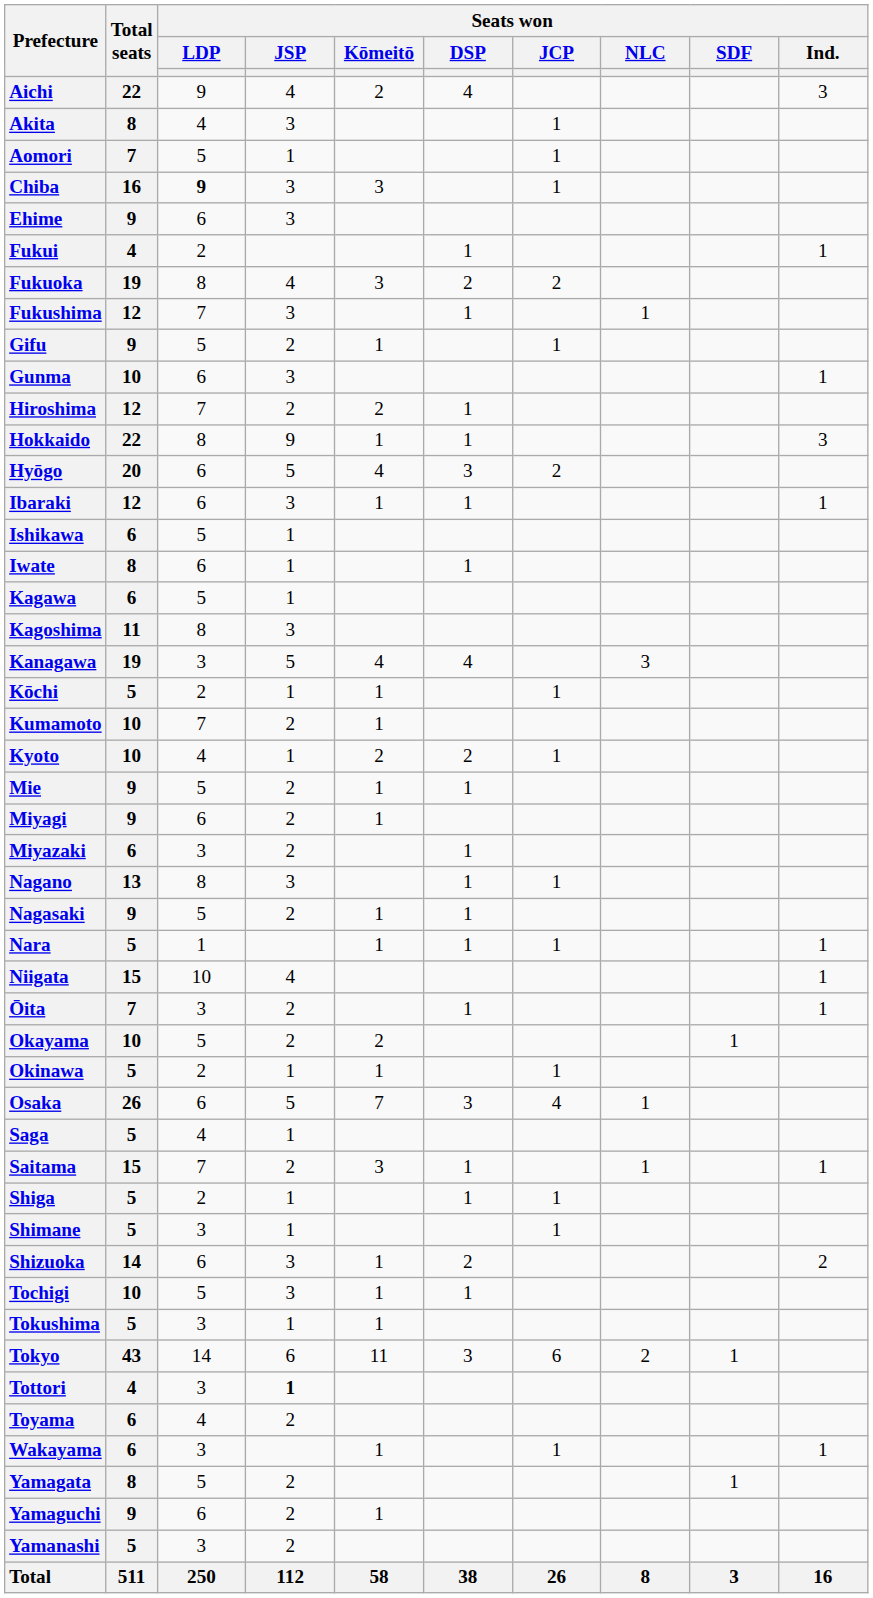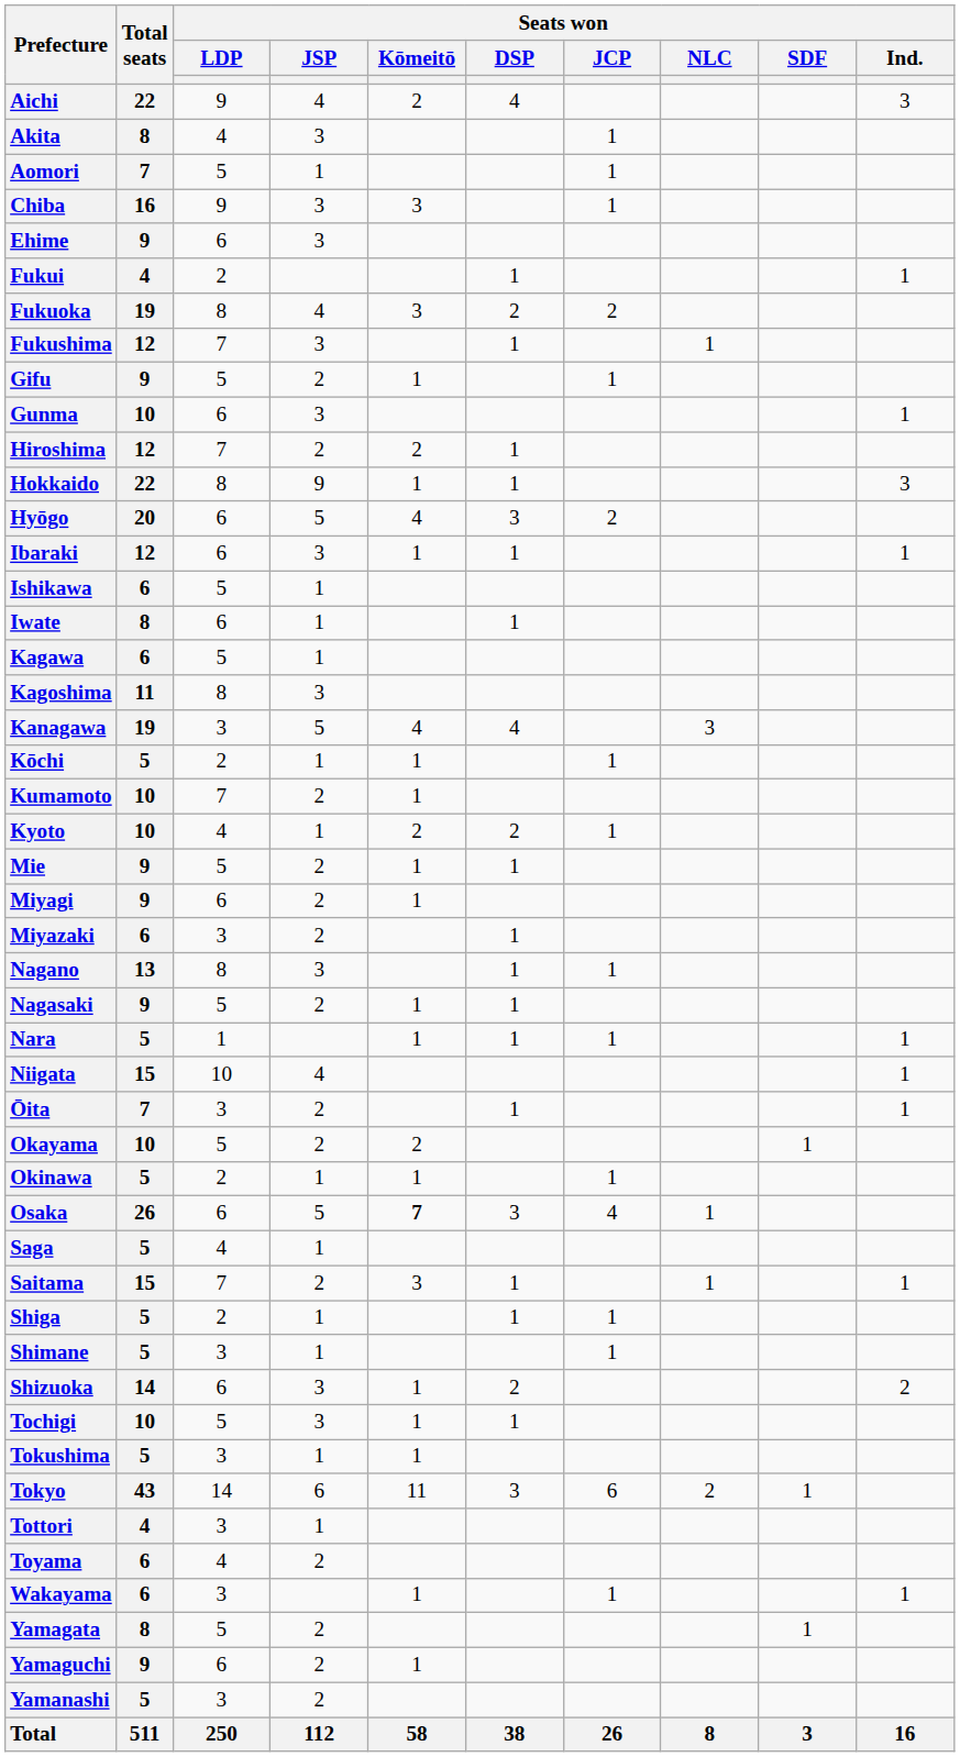 <table class="wikitable" style="text-align:center; font-size: 0.9em;">
 <tr>
 <th rowspan="3">Prefecture</th>
 <th rowspan="3">Total<br>seats</th>
 <th colspan="8">Seats won</th>
 </tr>
 <tr>
 <th class="unsortable" style="width:60px;"><a href='#'>LDP</a></th>
 <th class="unsortable" style="width:60px;"><a href='#'>JSP</a></th>
 <th class="unsortable" style="width:60px;"><a href='#'>Kōmeitō</a></th>
 <th class="unsortable" style="width:60px;"><a href='#'>DSP</a></th>
 <th class="unsortable" style="width:60px;"><a href='#'>JCP</a></th>
 <th class="unsortable" style="width:60px;"><a href='#'>NLC</a></th>
 <th class="unsortable" style="width:60px;"><a href='#'>SDF</a></th>
 <th class="unsortable" style="width:60px;">Ind.</th>
 </tr>
 <tr>
 <th style="background:"></th>
 <th style="background:"></th>
 <th style="background:"></th>
 <th style="background:"></th>
 <th style="background:"></th>
 <th style="background:"></th>
 <th style="background:"></th>
 <th style="background:"></th>
 </tr>
 <tr>
 <th style="text-align: left;"><a href='#'>Aichi</a></th>
 <th>22</th>
 <td>9</td>
 <td>4</td>
 <td>2</td>
 <td>4</td>
 <td></td>
 <td></td>
 <td></td>
 <td>3</td>
 </tr>
 <tr>
 <th style="text-align: left;"><a href='#'>Akita</a></th>
 <th>8</th>
 <td>4</td>
 <td>3</td>
 <td></td>
 <td></td>
 <td>1</td>
 <td></td>
 <td></td>
 <td></td>
 </tr>
 <tr>
 <th style="text-align: left;"><a href='#'>Aomori</a></th>
 <th>7</th>
 <td>5</td>
 <td>1</td>
 <td></td>
 <td></td>
 <td>1</td>
 <td></td>
 <td></td>
 <td></td>
 </tr>
 <tr>
 <th style="text-align: left;"><a href='#'>Chiba</a></th>
 <th>16</th>
-<td><strong>9</strong></td>
+<td>9</td>
 <td>3</td>
 <td>3</td>
 <td></td>
 <td>1</td>
 <td></td>
 <td></td>
 <td></td>
 </tr>
 <tr>
 <th style="text-align: left;"><a href='#'>Ehime</a></th>
 <th>9</th>
 <td>6</td>
 <td>3</td>
 <td></td>
 <td></td>
 <td></td>
 <td></td>
 <td></td>
 <td></td>
 </tr>
 <tr>
 <th style="text-align: left;"><a href='#'>Fukui</a></th>
 <th>4</th>
 <td>2</td>
 <td></td>
 <td></td>
 <td>1</td>
 <td></td>
 <td></td>
 <td></td>
 <td>1</td>
 </tr>
 <tr>
 <th style="text-align: left;"><a href='#'>Fukuoka</a></th>
 <th>19</th>
 <td>8</td>
 <td>4</td>
 <td>3</td>
 <td>2</td>
 <td>2</td>
 <td></td>
 <td></td>
 <td></td>
 </tr>
 <tr>
 <th style="text-align: left;"><a href='#'>Fukushima</a></th>
 <th>12</th>
 <td>7</td>
 <td>3</td>
 <td></td>
 <td>1</td>
 <td></td>
 <td>1</td>
 <td></td>
 <td></td>
 </tr>
 <tr>
 <th style="text-align: left;"><a href='#'>Gifu</a></th>
 <th>9</th>
 <td>5</td>
 <td>2</td>
 <td>1</td>
 <td></td>
 <td>1</td>
 <td></td>
 <td></td>
 <td></td>
 </tr>
 <tr>
 <th style="text-align: left;"><a href='#'>Gunma</a></th>
 <th>10</th>
 <td>6</td>
 <td>3</td>
 <td></td>
 <td></td>
 <td></td>
 <td></td>
 <td></td>
 <td>1</td>
 </tr>
 <tr>
 <th style="text-align: left;"><a href='#'>Hiroshima</a></th>
 <th>12</th>
 <td>7</td>
 <td>2</td>
 <td>2</td>
 <td>1</td>
 <td></td>
 <td></td>
 <td></td>
 <td></td>
 </tr>
 <tr>
 <th style="text-align: left;"><a href='#'>Hokkaido</a></th>
 <th>22</th>
 <td>8</td>
 <td>9</td>
 <td>1</td>
 <td>1</td>
 <td></td>
 <td></td>
 <td></td>
 <td>3</td>
 </tr>
 <tr>
 <th style="text-align: left;"><a href='#'>Hyōgo</a></th>
 <th>20</th>
 <td>6</td>
 <td>5</td>
 <td>4</td>
 <td>3</td>
 <td>2</td>
 <td></td>
 <td></td>
 <td></td>
 </tr>
 <tr>
 <th style="text-align: left;"><a href='#'>Ibaraki</a></th>
 <th>12</th>
 <td>6</td>
 <td>3</td>
 <td>1</td>
 <td>1</td>
 <td></td>
 <td></td>
 <td></td>
 <td>1</td>
 </tr>
 <tr>
 <th style="text-align: left;"><a href='#'>Ishikawa</a></th>
 <th>6</th>
 <td>5</td>
 <td>1</td>
 <td></td>
 <td></td>
 <td></td>
 <td></td>
 <td></td>
 <td></td>
 </tr>
 <tr>
 <th style="text-align: left;"><a href='#'>Iwate</a></th>
 <th>8</th>
 <td>6</td>
 <td>1</td>
 <td></td>
 <td>1</td>
 <td></td>
 <td></td>
 <td></td>
 <td></td>
 </tr>
 <tr>
 <th style="text-align: left;"><a href='#'>Kagawa</a></th>
 <th>6</th>
 <td>5</td>
 <td>1</td>
 <td></td>
 <td></td>
 <td></td>
 <td></td>
 <td></td>
 <td></td>
 </tr>
 <tr>
 <th style="text-align: left;"><a href='#'>Kagoshima</a></th>
 <th>11</th>
 <td>8</td>
 <td>3</td>
 <td></td>
 <td></td>
 <td></td>
 <td></td>
 <td></td>
 <td></td>
 </tr>
 <tr>
 <th style="text-align: left;"><a href='#'>Kanagawa</a></th>
 <th>19</th>
 <td>3</td>
 <td>5</td>
 <td>4</td>
 <td>4</td>
 <td></td>
 <td>3</td>
 <td></td>
 <td></td>
 </tr>
 <tr>
 <th style="text-align: left;"><a href='#'>Kōchi</a></th>
 <th>5</th>
 <td>2</td>
 <td>1</td>
 <td>1</td>
 <td></td>
 <td>1</td>
 <td></td>
 <td></td>
 <td></td>
 </tr>
 <tr>
 <th style="text-align: left;"><a href='#'>Kumamoto</a></th>
 <th>10</th>
 <td>7</td>
 <td>2</td>
 <td>1</td>
 <td></td>
 <td></td>
 <td></td>
 <td></td>
 <td></td>
 </tr>
 <tr>
 <th style="text-align: left;"><a href='#'>Kyoto</a></th>
 <th>10</th>
 <td>4</td>
 <td>1</td>
 <td>2</td>
 <td>2</td>
 <td>1</td>
 <td></td>
 <td></td>
 <td></td>
 </tr>
 <tr>
 <th style="text-align: left;"><a href='#'>Mie</a></th>
 <th>9</th>
 <td>5</td>
 <td>2</td>
 <td>1</td>
 <td>1</td>
 <td></td>
 <td></td>
 <td></td>
 <td></td>
 </tr>
 <tr>
 <th style="text-align: left;"><a href='#'>Miyagi</a></th>
 <th>9</th>
 <td>6</td>
 <td>2</td>
 <td>1</td>
 <td></td>
 <td></td>
 <td></td>
 <td></td>
 <td></td>
 </tr>
 <tr>
 <th style="text-align: left;"><a href='#'>Miyazaki</a></th>
 <th>6</th>
 <td>3</td>
 <td>2</td>
 <td></td>
 <td>1</td>
 <td></td>
 <td></td>
 <td></td>
 <td></td>
 </tr>
 <tr>
 <th style="text-align: left;"><a href='#'>Nagano</a></th>
 <th>13</th>
 <td>8</td>
 <td>3</td>
 <td></td>
 <td>1</td>
 <td>1</td>
 <td></td>
 <td></td>
 <td></td>
 </tr>
 <tr>
 <th style="text-align: left;"><a href='#'>Nagasaki</a></th>
 <th>9</th>
 <td>5</td>
 <td>2</td>
 <td>1</td>
 <td>1</td>
 <td></td>
 <td></td>
 <td></td>
 <td></td>
 </tr>
 <tr>
 <th style="text-align: left;"><a href='#'>Nara</a></th>
 <th>5</th>
 <td>1</td>
 <td></td>
 <td>1</td>
 <td>1</td>
 <td>1</td>
 <td></td>
 <td></td>
 <td>1</td>
 </tr>
 <tr>
 <th style="text-align: left;"><a href='#'>Niigata</a></th>
 <th>15</th>
 <td>10</td>
 <td>4</td>
 <td></td>
 <td></td>
 <td></td>
 <td></td>
 <td></td>
 <td>1</td>
 </tr>
 <tr>
 <th style="text-align: left;"><a href='#'>Ōita</a></th>
 <th>7</th>
 <td>3</td>
 <td>2</td>
 <td></td>
 <td>1</td>
 <td></td>
 <td></td>
 <td></td>
 <td>1</td>
 </tr>
 <tr>
 <th style="text-align: left;"><a href='#'>Okayama</a></th>
 <th>10</th>
 <td>5</td>
 <td>2</td>
 <td>2</td>
 <td></td>
 <td></td>
 <td></td>
 <td>1</td>
 <td></td>
 </tr>
 <tr>
 <th style="text-align: left;"><a href='#'>Okinawa</a></th>
 <th>5</th>
 <td>2</td>
 <td>1</td>
 <td>1</td>
 <td></td>
 <td>1</td>
 <td></td>
 <td></td>
 <td></td>
 </tr>
 <tr>
 <th style="text-align: left;"><a href='#'>Osaka</a></th>
 <th>26</th>
 <td>6</td>
 <td>5</td>
-<td>7</td>
+<td><strong>7</strong></td>
 <td>3</td>
 <td>4</td>
 <td>1</td>
 <td></td>
 <td></td>
 </tr>
 <tr>
 <th style="text-align: left;"><a href='#'>Saga</a></th>
 <th>5</th>
 <td>4</td>
 <td>1</td>
 <td></td>
 <td></td>
 <td></td>
 <td></td>
 <td></td>
 <td></td>
 </tr>
 <tr>
 <th style="text-align: left;"><a href='#'>Saitama</a></th>
 <th>15</th>
 <td>7</td>
 <td>2</td>
 <td>3</td>
 <td>1</td>
 <td></td>
 <td>1</td>
 <td></td>
 <td>1</td>
 </tr>
 <tr>
 <th style="text-align: left;"><a href='#'>Shiga</a></th>
 <th>5</th>
 <td>2</td>
 <td>1</td>
 <td></td>
 <td>1</td>
 <td>1</td>
 <td></td>
 <td></td>
 <td></td>
 </tr>
 <tr>
 <th style="text-align: left;"><a href='#'>Shimane</a></th>
 <th>5</th>
 <td>3</td>
 <td>1</td>
 <td></td>
 <td></td>
 <td>1</td>
 <td></td>
 <td></td>
 <td></td>
 </tr>
 <tr>
 <th style="text-align: left;"><a href='#'>Shizuoka</a></th>
 <th>14</th>
 <td>6</td>
 <td>3</td>
 <td>1</td>
 <td>2</td>
 <td></td>
 <td></td>
 <td></td>
 <td>2</td>
 </tr>
 <tr>
 <th style="text-align: left;"><a href='#'>Tochigi</a></th>
 <th>10</th>
 <td>5</td>
 <td>3</td>
 <td>1</td>
 <td>1</td>
 <td></td>
 <td></td>
 <td></td>
 <td></td>
 </tr>
 <tr>
 <th style="text-align: left;"><a href='#'>Tokushima</a></th>
 <th>5</th>
 <td>3</td>
 <td>1</td>
 <td>1</td>
 <td></td>
 <td></td>
 <td></td>
 <td></td>
 <td></td>
 </tr>
 <tr>
 <th style="text-align: left;"><a href='#'>Tokyo</a></th>
 <th>43</th>
 <td>14</td>
 <td>6</td>
 <td>11</td>
 <td>3</td>
 <td>6</td>
 <td>2</td>
 <td>1</td>
 <td></td>
 </tr>
 <tr>
 <th style="text-align: left;"><a href='#'>Tottori</a></th>
 <th>4</th>
 <td>3</td>
-<td><strong>1</strong></td>
+<td>1</td>
 <td></td>
 <td></td>
 <td></td>
 <td></td>
 <td></td>
 <td></td>
 </tr>
 <tr>
 <th style="text-align: left;"><a href='#'>Toyama</a></th>
 <th>6</th>
 <td>4</td>
 <td>2</td>
 <td></td>
 <td></td>
 <td></td>
 <td></td>
 <td></td>
 <td></td>
 </tr>
 <tr>
 <th style="text-align: left;"><a href='#'>Wakayama</a></th>
 <th>6</th>
 <td>3</td>
 <td></td>
 <td>1</td>
 <td></td>
 <td>1</td>
 <td></td>
 <td></td>
 <td>1</td>
 </tr>
 <tr>
 <th style="text-align: left;"><a href='#'>Yamagata</a></th>
 <th>8</th>
 <td>5</td>
 <td>2</td>
 <td></td>
 <td></td>
 <td></td>
 <td></td>
 <td>1</td>
 <td></td>
 </tr>
 <tr>
 <th style="text-align: left;"><a href='#'>Yamaguchi</a></th>
 <th>9</th>
 <td>6</td>
 <td>2</td>
 <td>1</td>
 <td></td>
 <td></td>
 <td></td>
 <td></td>
 <td></td>
 </tr>
 <tr>
 <th style="text-align: left;"><a href='#'>Yamanashi</a></th>
 <th>5</th>
 <td>3</td>
 <td>2</td>
 <td></td>
 <td></td>
 <td></td>
 <td></td>
 <td></td>
 <td></td>
 </tr>
 <tr class="sortbottom">
 <th style="text-align: left;">Total</th>
 <th>511</th>
 <th>250</th>
 <th>112</th>
 <th>58</th>
 <th>38</th>
 <th>26</th>
 <th>8</th>
 <th>3</th>
 <th>16</th>
 </tr>
 </table>
